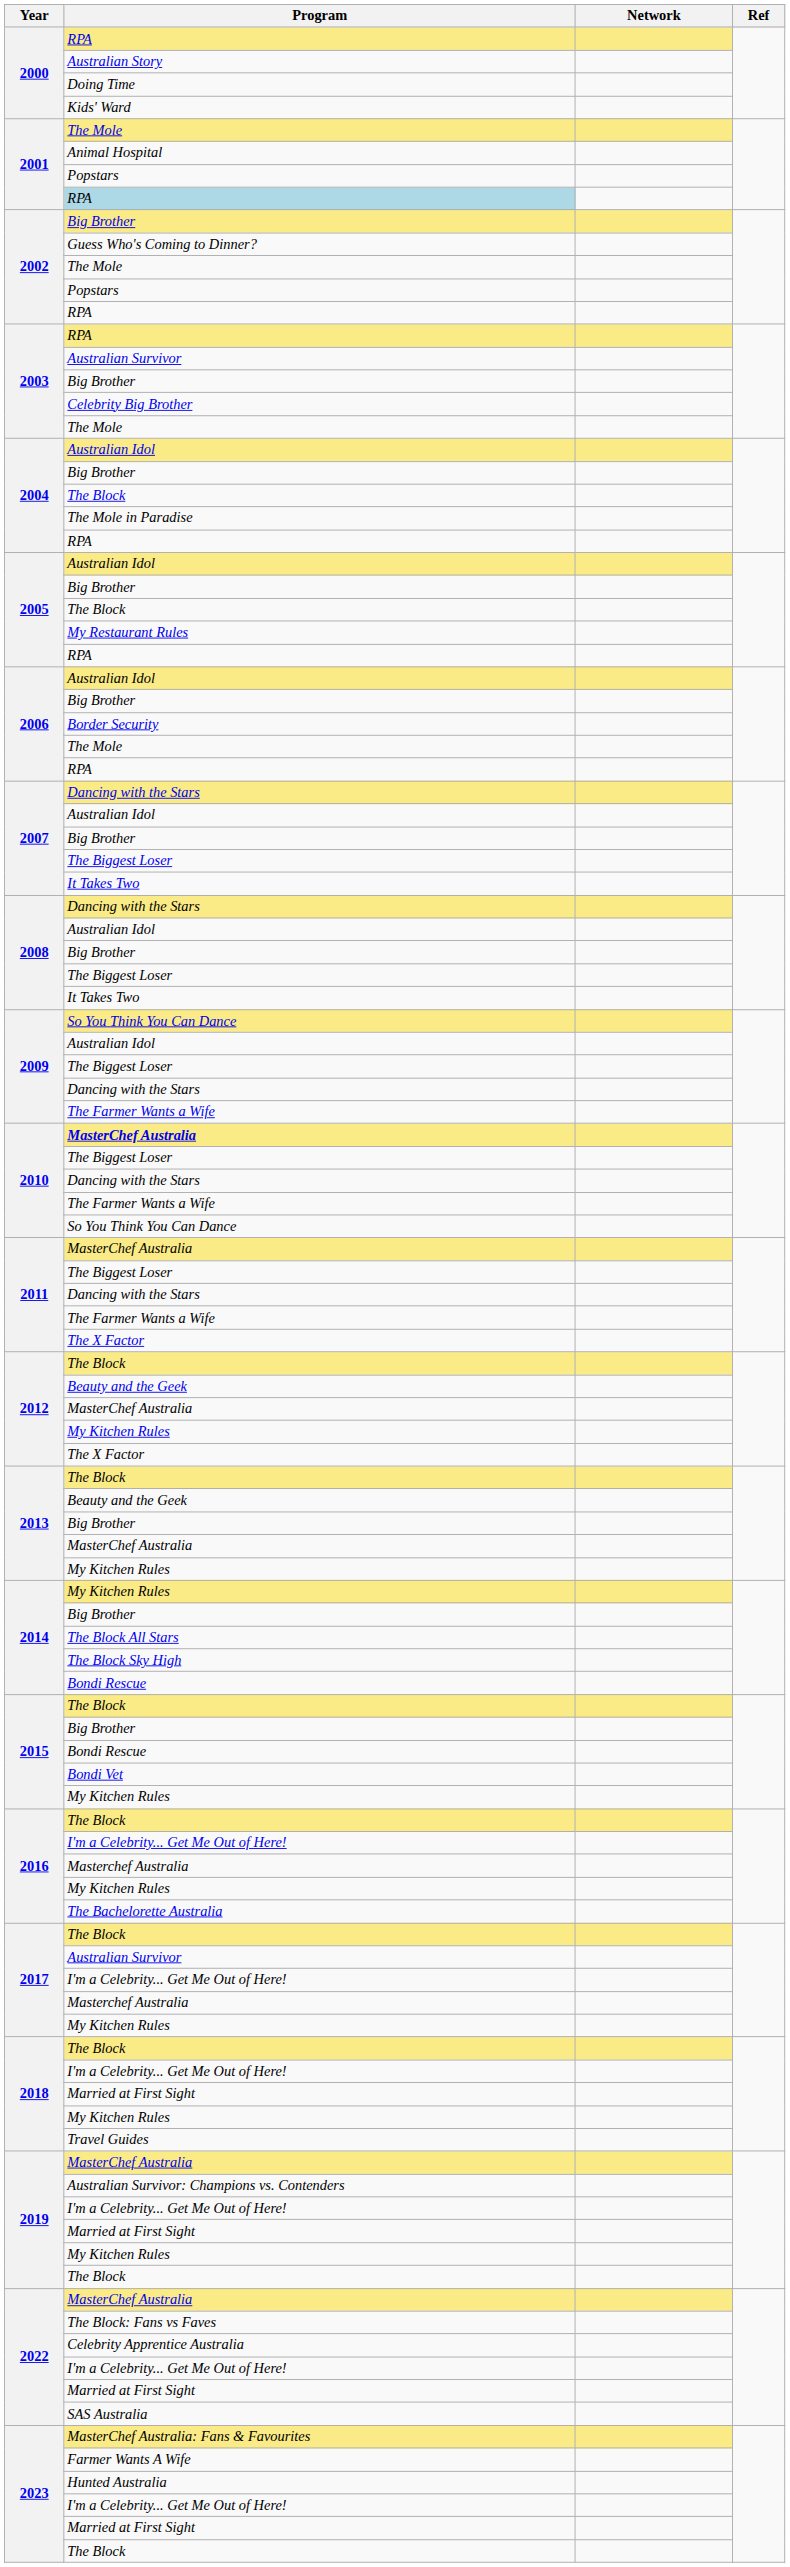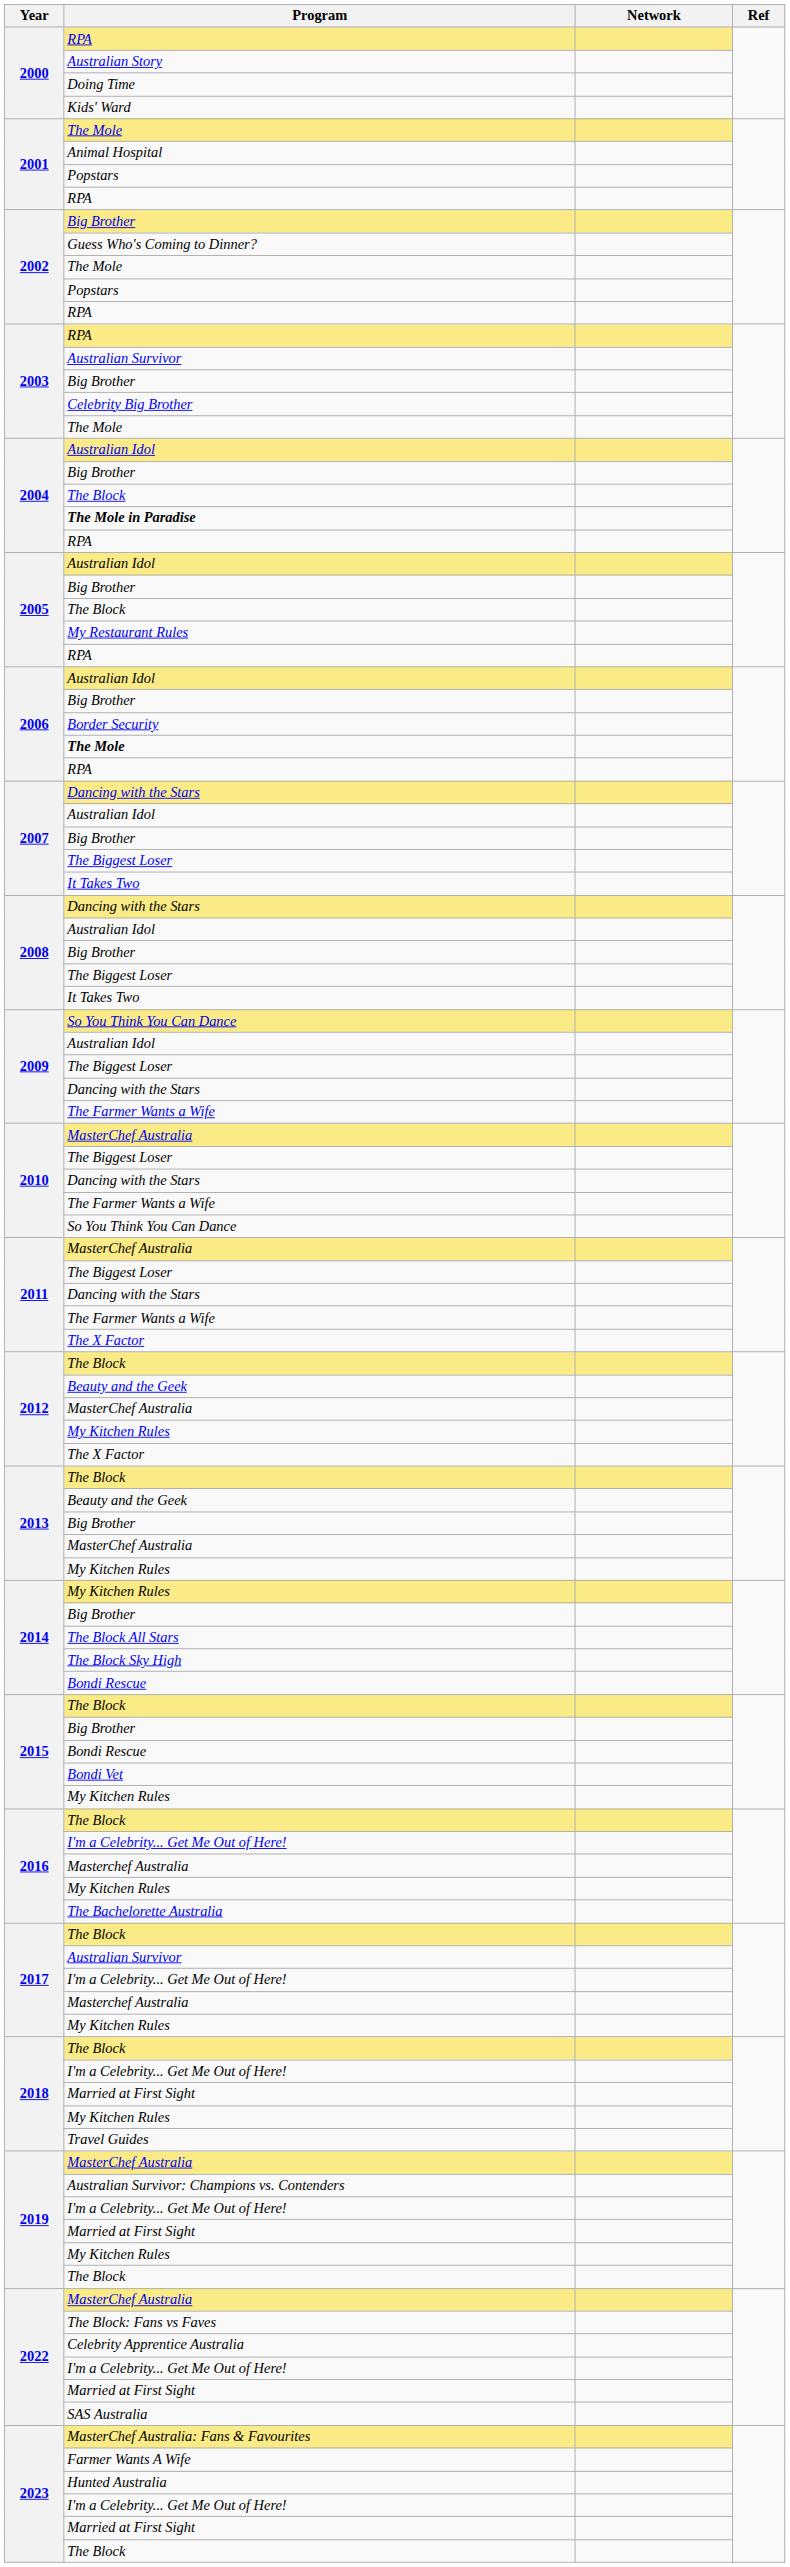 <table class="wikitable sortable">
 <tr style="background:#bebebe;">
 <th scope="col" style="width:1%;">Year</th>
 <th scope="col" style="width:16%;">Program</th>
 <th scope="col" style="width:4%;">Network</th>
 <th scope="col" style="width:1%;" class="unsortable">Ref</th>
 </tr>
 <tr>
 <th scope="row" rowspan="4" style="text-align:center"><a href='#'>2000</a></th>
 <td style="background:#FAEB86"><em><a href='#'>RPA</a></em></td>
 <td style="background:#FAEB86"></td>
 <td rowspan="4"></td>
 </tr>
 <tr>
 <td><em><a href='#'>Australian Story</a></em></td>
 <td></td>
 </tr>
 <tr>
 <td><em>Doing Time</em></td>
 <td></td>
 </tr>
 <tr>
 <td><em>Kids' Ward</em></td>
 <td></td>
 </tr>
 <tr>
 <th scope="row" rowspan="4" style="text-align:center"><a href='#'>2001</a></th>
 <td style="background:#FAEB86"><em><a href='#'>The Mole</a></em></td>
 <td style="background:#FAEB86"></td>
 <td rowspan="4"></td>
 </tr>
 <tr>
 <td><em>Animal Hospital</em></td>
 <td></td>
 </tr>
 <tr>
 <td><em>Popstars</em></td>
 <td></td>
 </tr>
 <tr>
-<td style="background: lightblue;"><em>RPA</em></td>
+<td><em>RPA</em></td>
 <td></td>
 </tr>
 <tr>
 <th scope="row" rowspan="5" style="text-align:center"><a href='#'>2002</a></th>
 <td style="background:#FAEB86"><em><a href='#'>Big Brother</a></em></td>
 <td style="background:#FAEB86"></td>
 <td rowspan="5"></td>
 </tr>
 <tr>
 <td><em>Guess Who's Coming to Dinner?</em></td>
 <td></td>
 </tr>
 <tr>
 <td><em>The Mole</em></td>
 <td></td>
 </tr>
 <tr>
 <td><em>Popstars</em></td>
 <td></td>
 </tr>
 <tr>
 <td><em>RPA</em></td>
 <td></td>
 </tr>
 <tr>
 <th scope="row" rowspan="5" style="text-align:center"><a href='#'>2003</a></th>
 <td style="background:#FAEB86"><em>RPA</em></td>
 <td style="background:#FAEB86"></td>
 <td rowspan="5"></td>
 </tr>
 <tr>
 <td><em><a href='#'>Australian Survivor</a></em></td>
 <td></td>
 </tr>
 <tr>
 <td><em>Big Brother</em></td>
 <td></td>
 </tr>
 <tr>
 <td><em><a href='#'>Celebrity Big Brother</a></em></td>
 <td></td>
 </tr>
 <tr>
 <td><em>The Mole</em></td>
 <td></td>
 </tr>
 <tr>
 <th scope="row" rowspan="5" style="text-align:center"><a href='#'>2004</a></th>
 <td style="background:#FAEB86"><em><a href='#'>Australian Idol</a></em></td>
 <td style="background:#FAEB86"></td>
 <td rowspan="5"></td>
 </tr>
 <tr>
 <td><em>Big Brother</em></td>
 <td></td>
 </tr>
 <tr>
 <td><em><a href='#'>The Block</a></em></td>
 <td></td>
 </tr>
 <tr>
-<td><em>The Mole in Paradise</em></td>
+<td><strong><em>The Mole in Paradise</em></strong></td>
 <td></td>
 </tr>
 <tr>
 <td><em>RPA</em></td>
 <td></td>
 </tr>
 <tr>
 <th scope="row" rowspan="5" style="text-align:center"><a href='#'>2005</a></th>
 <td style="background:#FAEB86"><em>Australian Idol</em></td>
 <td style="background:#FAEB86"></td>
 <td rowspan="5"></td>
 </tr>
 <tr>
 <td><em>Big Brother</em></td>
 <td></td>
 </tr>
 <tr>
 <td><em>The Block</em></td>
 <td></td>
 </tr>
 <tr>
 <td><em><a href='#'>My Restaurant Rules</a></em></td>
 <td></td>
 </tr>
 <tr>
 <td><em>RPA</em></td>
 <td></td>
 </tr>
 <tr>
 <th scope="row" rowspan="5" style="text-align:center"><a href='#'>2006</a></th>
 <td style="background:#FAEB86"><em>Australian Idol</em></td>
 <td style="background:#FAEB86"></td>
 <td rowspan="5"></td>
 </tr>
 <tr>
 <td><em>Big Brother</em></td>
 <td></td>
 </tr>
 <tr>
 <td><em><a href='#'>Border Security</a></em></td>
 <td></td>
 </tr>
 <tr>
-<td><em>The Mole</em></td>
+<td><strong><em>The Mole</em></strong></td>
 <td></td>
 </tr>
 <tr>
 <td><em>RPA</em></td>
 <td></td>
 </tr>
 <tr>
 <th scope="row" rowspan="5" style="text-align:center"><a href='#'>2007</a></th>
 <td style="background:#FAEB86"><em><a href='#'>Dancing with the Stars</a></em></td>
 <td style="background:#FAEB86"></td>
 <td rowspan="5"></td>
 </tr>
 <tr>
 <td><em>Australian Idol</em></td>
 <td></td>
 </tr>
 <tr>
 <td><em>Big Brother</em></td>
 <td></td>
 </tr>
 <tr>
 <td><em><a href='#'>The Biggest Loser</a></em></td>
 <td></td>
 </tr>
 <tr>
 <td><em><a href='#'>It Takes Two</a></em></td>
 <td></td>
 </tr>
 <tr>
 <th scope="row" rowspan="5" style="text-align:center"><a href='#'>2008</a></th>
 <td style="background:#FAEB86"><em>Dancing with the Stars</em></td>
 <td style="background:#FAEB86"></td>
 <td rowspan="5"></td>
 </tr>
 <tr>
 <td><em>Australian Idol</em></td>
 <td></td>
 </tr>
 <tr>
 <td><em>Big Brother</em></td>
 <td></td>
 </tr>
 <tr>
 <td><em>The Biggest Loser</em></td>
 <td></td>
 </tr>
 <tr>
 <td><em>It Takes Two</em></td>
 <td></td>
 </tr>
 <tr>
 <th scope="row" rowspan="5" style="text-align:center"><a href='#'>2009</a></th>
 <td style="background:#FAEB86"><em><a href='#'>So You Think You Can Dance</a></em></td>
 <td style="background:#FAEB86"></td>
 <td rowspan="5"></td>
 </tr>
 <tr>
 <td><em>Australian Idol</em></td>
 <td></td>
 </tr>
 <tr>
 <td><em>The Biggest Loser</em></td>
 <td></td>
 </tr>
 <tr>
 <td><em>Dancing with the Stars</em></td>
 <td></td>
 </tr>
 <tr>
 <td><em><a href='#'>The Farmer Wants a Wife</a></em></td>
 <td></td>
 </tr>
 <tr>
 <th scope="row" rowspan="5" style="text-align:center"><a href='#'>2010</a></th>
-<td style="background:#FAEB86"><strong><em><a href='#'>MasterChef Australia</a></em></strong></td>
+<td style="background:#FAEB86"><em><a href='#'>MasterChef Australia</a></em></td>
 <td style="background:#FAEB86"></td>
 <td rowspan="5"></td>
 </tr>
 <tr>
 <td><em>The Biggest Loser</em></td>
 <td></td>
 </tr>
 <tr>
 <td><em>Dancing with the Stars</em></td>
 <td></td>
 </tr>
 <tr>
 <td><em>The Farmer Wants a Wife</em></td>
 <td></td>
 </tr>
 <tr>
 <td><em>So You Think You Can Dance</em></td>
 <td></td>
 </tr>
 <tr>
 <th scope="row" rowspan="5" style="text-align:center"><a href='#'>2011</a></th>
 <td style="background:#FAEB86"><em>MasterChef Australia</em></td>
 <td style="background:#FAEB86"></td>
 <td rowspan="5"></td>
 </tr>
 <tr>
 <td><em>The Biggest Loser</em></td>
 <td></td>
 </tr>
 <tr>
 <td><em>Dancing with the Stars</em></td>
 <td></td>
 </tr>
 <tr>
 <td><em>The Farmer Wants a Wife</em></td>
 <td></td>
 </tr>
 <tr>
 <td><em><a href='#'>The X Factor</a></em></td>
 <td></td>
 </tr>
 <tr>
 <th scope="row" rowspan="5" style="text-align:center"><a href='#'>2012</a></th>
 <td style="background:#FAEB86"><em>The Block</em></td>
 <td style="background:#FAEB86"></td>
 <td rowspan="5"></td>
 </tr>
 <tr>
 <td><em><a href='#'>Beauty and the Geek</a></em></td>
 <td></td>
 </tr>
 <tr>
 <td><em>MasterChef Australia</em></td>
 <td></td>
 </tr>
 <tr>
 <td><em><a href='#'>My Kitchen Rules</a></em></td>
 <td></td>
 </tr>
 <tr>
 <td><em>The X Factor</em></td>
 <td></td>
 </tr>
 <tr>
 <th scope="row" rowspan="5" style="text-align:center"><a href='#'>2013</a></th>
 <td style="background:#FAEB86"><em>The Block</em></td>
 <td style="background:#FAEB86"></td>
 <td rowspan="5"></td>
 </tr>
 <tr>
 <td><em>Beauty and the Geek</em></td>
 <td></td>
 </tr>
 <tr>
 <td><em>Big Brother</em></td>
 <td></td>
 </tr>
 <tr>
 <td><em>MasterChef Australia</em></td>
 <td></td>
 </tr>
 <tr>
 <td><em>My Kitchen Rules</em></td>
 <td></td>
 </tr>
 <tr>
 <th scope="row" rowspan="5" style="text-align:center"><a href='#'>2014</a></th>
 <td style="background:#FAEB86"><em>My Kitchen Rules</em></td>
 <td style="background:#FAEB86"></td>
 <td rowspan="5"></td>
 </tr>
 <tr>
 <td><em>Big Brother</em></td>
 <td></td>
 </tr>
 <tr>
 <td><em><a href='#'>The Block All Stars</a></em></td>
 <td></td>
 </tr>
 <tr>
 <td><em><a href='#'>The Block Sky High</a></em></td>
 <td></td>
 </tr>
 <tr>
 <td><em><a href='#'>Bondi Rescue</a></em></td>
 <td></td>
 </tr>
 <tr>
 <th scope="row" rowspan="5" style="text-align:center"><a href='#'>2015</a></th>
 <td style="background:#FAEB86"><em>The Block</em></td>
 <td style="background:#FAEB86"></td>
 <td rowspan="5"></td>
 </tr>
 <tr>
 <td><em>Big Brother</em></td>
 <td></td>
 </tr>
 <tr>
 <td><em>Bondi Rescue</em></td>
 <td></td>
 </tr>
 <tr>
 <td><em><a href='#'>Bondi Vet</a></em></td>
 <td></td>
 </tr>
 <tr>
 <td><em>My Kitchen Rules</em></td>
 <td></td>
 </tr>
 <tr>
 <th scope="row" rowspan="5" style="text-align:center"><a href='#'>2016</a></th>
 <td style="background:#FAEB86"><em>The Block</em></td>
 <td style="background:#FAEB86"></td>
 <td rowspan="5"></td>
 </tr>
 <tr>
 <td><em><a href='#'>I'm a Celebrity... Get Me Out of Here!</a></em></td>
 <td></td>
 </tr>
 <tr>
 <td><em>Masterchef Australia</em></td>
 <td></td>
 </tr>
 <tr>
 <td><em>My Kitchen Rules</em></td>
 <td></td>
 </tr>
 <tr>
 <td><em><a href='#'>The Bachelorette Australia</a></em></td>
 <td></td>
 </tr>
 <tr>
 <th scope="row" rowspan="5" style="text-align:center"><a href='#'>2017</a></th>
 <td style="background:#FAEB86"><em>The Block</em></td>
 <td style="background:#FAEB86"></td>
 <td rowspan="5"></td>
 </tr>
 <tr>
 <td><em><a href='#'>Australian Survivor</a></em></td>
 <td></td>
 </tr>
 <tr>
 <td><em>I'm a Celebrity... Get Me Out of Here!</em></td>
 <td></td>
 </tr>
 <tr>
 <td><em>Masterchef Australia</em></td>
 <td></td>
 </tr>
 <tr>
 <td><em>My Kitchen Rules</em></td>
 <td></td>
 </tr>
 <tr>
 <th scope="row" rowspan="5" style="text-align:center"><a href='#'>2018</a></th>
 <td style="background:#FAEB86"><em>The Block</em></td>
 <td style="background:#FAEB86"></td>
 <td rowspan="5"></td>
 </tr>
 <tr>
 <td><em>I'm a Celebrity... Get Me Out of Here!</em></td>
 <td></td>
 </tr>
 <tr>
 <td><em>Married at First Sight</em></td>
 <td></td>
 </tr>
 <tr>
 <td><em>My Kitchen Rules</em></td>
 <td></td>
 </tr>
 <tr>
 <td><em>Travel Guides</em></td>
 <td></td>
 </tr>
 <tr>
 <th scope="row" rowspan="6" style="text-align:center"><a href='#'>2019</a></th>
 <td style="background:#FAEB86"><em><a href='#'>MasterChef Australia</a></em></td>
 <td style="background:#FAEB86"></td>
 <td rowspan="6"></td>
 </tr>
 <tr>
 <td><em>Australian Survivor: Champions vs. Contenders</em></td>
 <td></td>
 </tr>
 <tr>
 <td><em>I'm a Celebrity... Get Me Out of Here!</em></td>
 <td></td>
 </tr>
 <tr>
 <td><em>Married at First Sight</em></td>
 <td></td>
 </tr>
 <tr>
 <td><em>My Kitchen Rules</em></td>
 <td></td>
 </tr>
 <tr>
 <td><em>The Block</em></td>
 <td></td>
 </tr>
 <tr>
 <th scope="row" rowspan="6" style="text-align:center"><a href='#'>2022</a></th>
 <td style="background:#FAEB86"><em><a href='#'>MasterChef Australia</a></em></td>
 <td style="background:#FAEB86"></td>
 <td rowspan="6"></td>
 </tr>
 <tr>
 <td><em>The Block: Fans vs Faves</em></td>
 <td></td>
 </tr>
 <tr>
 <td><em>Celebrity Apprentice Australia</em></td>
 <td></td>
 </tr>
 <tr>
 <td><em>I'm a Celebrity... Get Me Out of Here!</em></td>
 <td></td>
 </tr>
 <tr>
 <td><em>Married at First Sight</em></td>
 <td></td>
 </tr>
 <tr>
 <td><em>SAS Australia</em></td>
 <td></td>
 </tr>
 <tr>
 <th rowspan="6"><a href='#'>2023</a></th>
 <td style="background:#FAEB86"><em>MasterChef Australia: Fans & Favourites</em></td>
 <td style="background:#FAEB86"></td>
 <td rowspan="6"></td>
 </tr>
 <tr>
 <td><em>Farmer Wants A Wife</em></td>
 <td></td>
 </tr>
 <tr>
 <td><em>Hunted Australia</em></td>
 <td></td>
 </tr>
 <tr>
 <td><em>I'm a Celebrity... Get Me Out of Here!</em></td>
 <td></td>
 </tr>
 <tr>
 <td><em>Married at First Sight</em></td>
 <td></td>
 </tr>
 <tr>
 <td><em>The Block</em></td>
 <td></td>
 </tr>
 </table>
